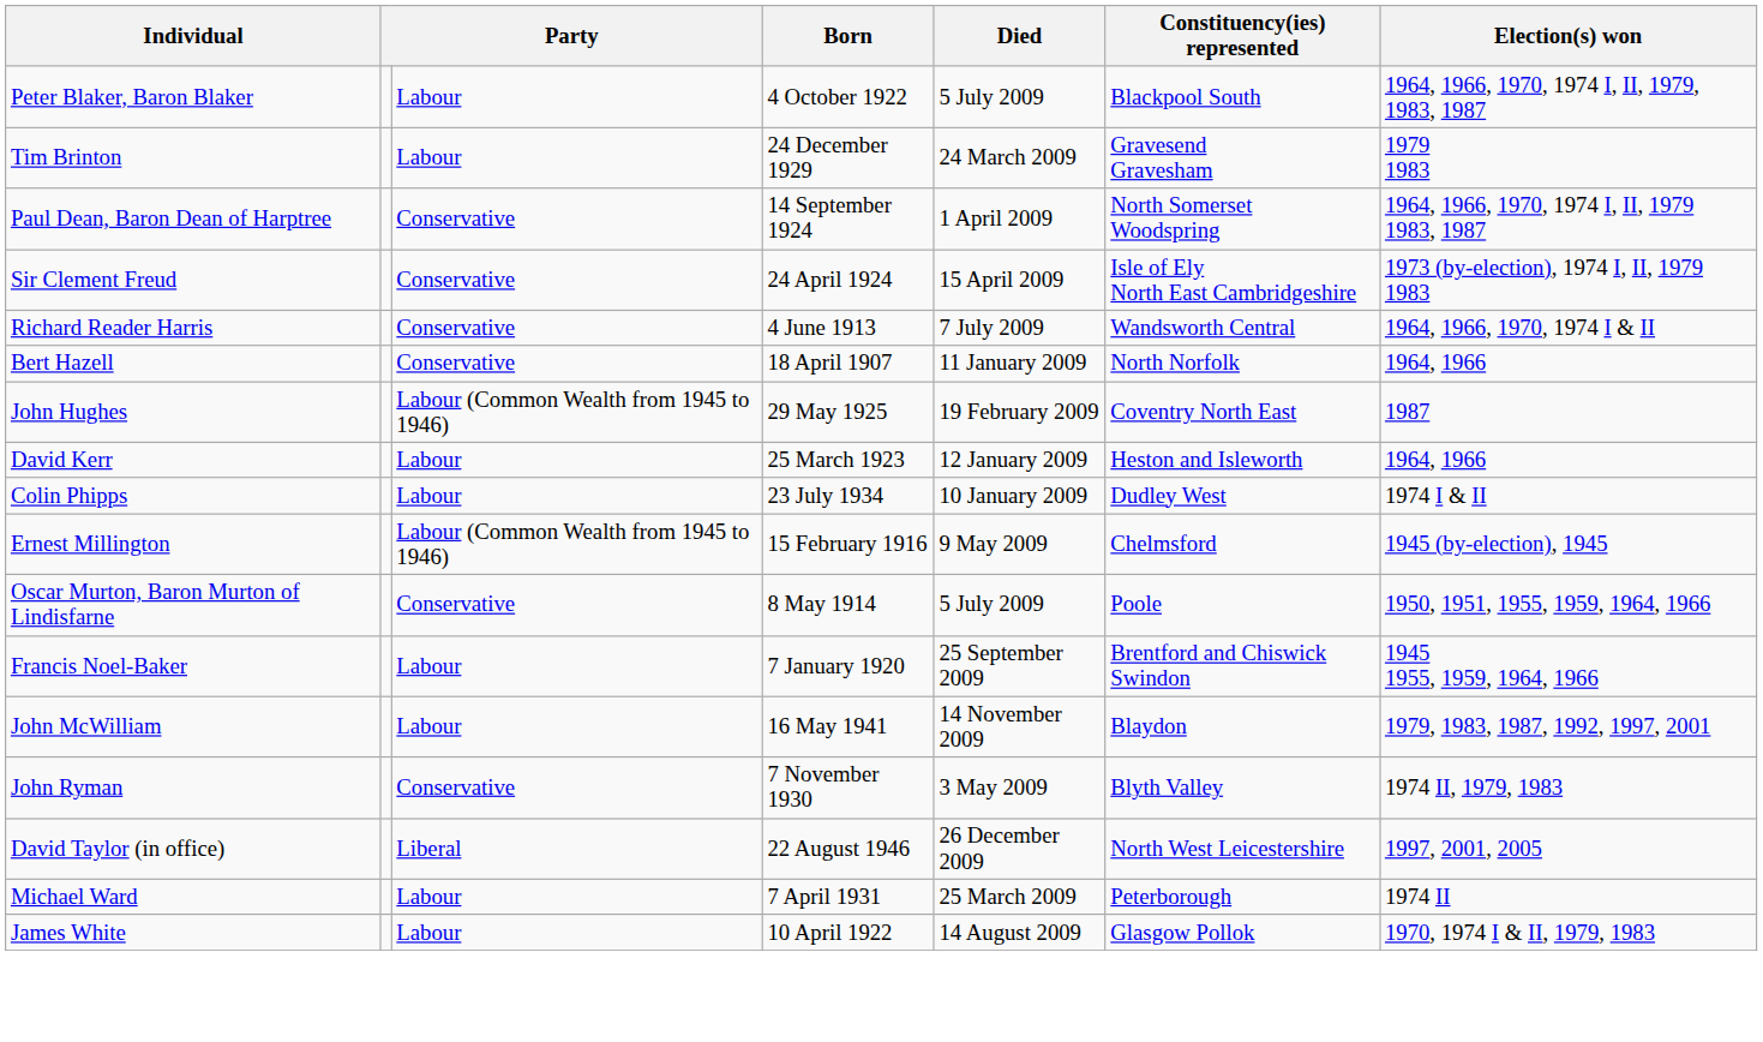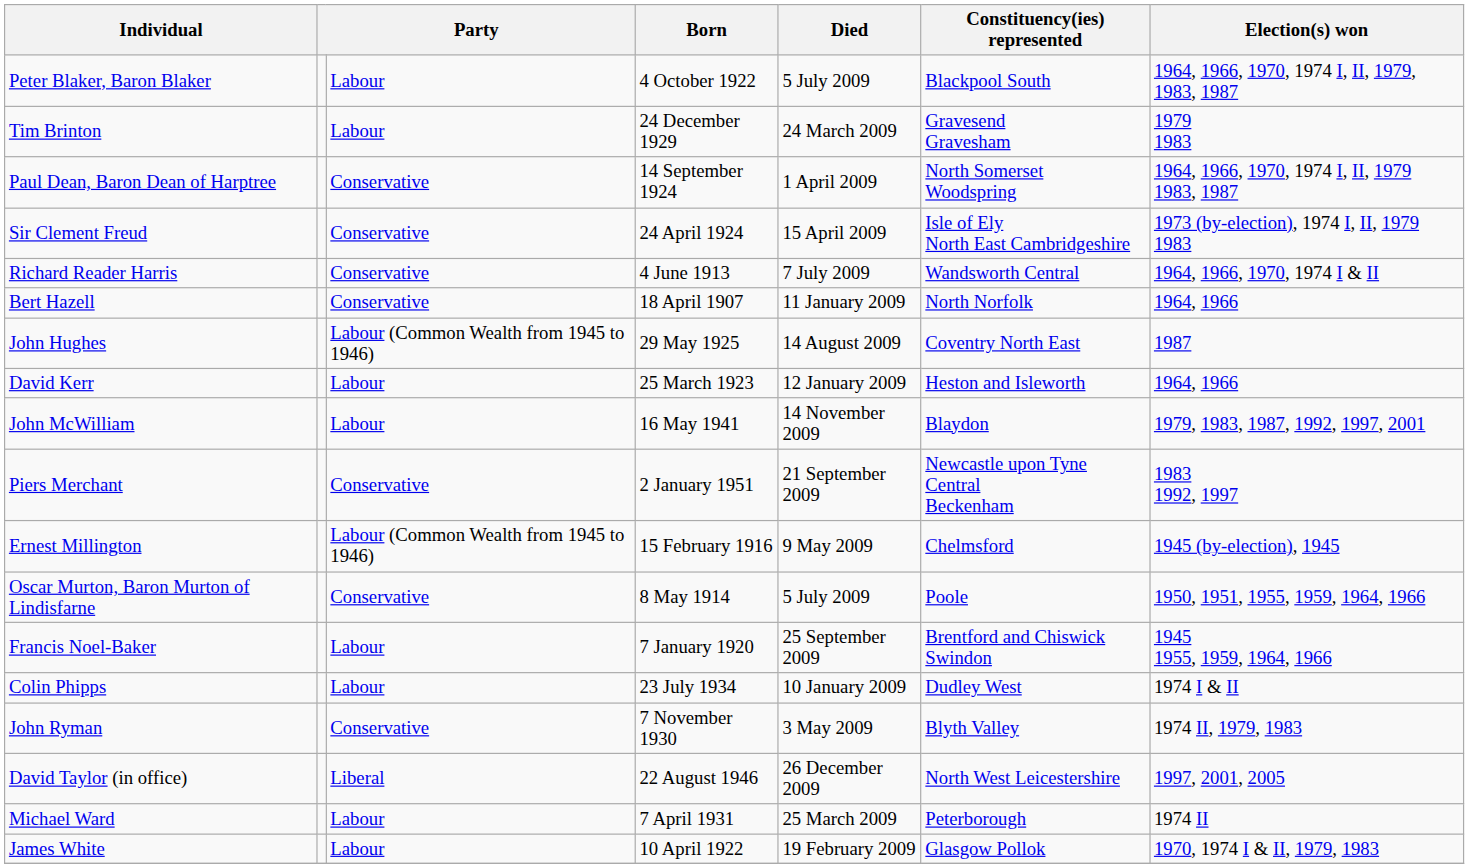 <table class="wikitable sortable">
 <tr>
 <th width="260px">Individual</th>
 <th colspan="2">Party</th>
 <th>Born</th>
 <th>Died</th>
 <th>Constituency(ies) represented</th>
 <th>Election(s) won</th>
 </tr>
 <tr>
 <td><a href='#'>Peter Blaker, Baron Blaker</a></td>
 <td style="background-color: "></td>
 <td><a href='#'>Labour</a></td>
 <td>4 October 1922</td>
 <td>5 July 2009</td>
 <td><a href='#'>Blackpool South</a></td>
 <td><a href='#'>1964</a>, <a href='#'>1966</a>, <a href='#'>1970</a>, 1974 <a href='#'>I</a>, <a href='#'>II</a>, <a href='#'>1979</a>, <a href='#'>1983</a>, <a href='#'>1987</a></td>
 </tr>
 <tr>
 <td><a href='#'>Tim Brinton</a></td>
 <td style="background-color: "></td>
 <td><a href='#'>Labour</a></td>
 <td>24 December 1929</td>
 <td>24 March 2009</td>
 <td><a href='#'>Gravesend</a><br><a href='#'>Gravesham</a></td>
 <td><a href='#'>1979</a><br><a href='#'>1983</a></td>
 </tr>
 <tr>
 <td><a href='#'>Paul Dean, Baron Dean of Harptree</a></td>
 <td style="background-color: "></td>
 <td><a href='#'>Conservative</a></td>
 <td>14 September 1924</td>
 <td>1 April 2009</td>
 <td><a href='#'>North Somerset</a><br><a href='#'>Woodspring</a></td>
 <td><a href='#'>1964</a>, <a href='#'>1966</a>, <a href='#'>1970</a>, 1974 <a href='#'>I</a>, <a href='#'>II</a>, <a href='#'>1979</a><br><a href='#'>1983</a>, <a href='#'>1987</a></td>
 </tr>
 <tr>
 <td><a href='#'>Sir Clement Freud</a></td>
 <td style="background-color: "></td>
 <td><a href='#'>Conservative</a></td>
 <td>24 April 1924</td>
 <td>15 April 2009</td>
 <td><a href='#'>Isle of Ely</a><br><a href='#'>North East Cambridgeshire</a></td>
 <td><a href='#'>1973 (by-election)</a>, 1974 <a href='#'>I</a>, <a href='#'>II</a>, <a href='#'>1979</a><br><a href='#'>1983</a></td>
 </tr>
 <tr>
 <td><a href='#'>Richard Reader Harris</a></td>
 <td style="background-color: "></td>
 <td><a href='#'>Conservative</a></td>
 <td>4 June 1913</td>
 <td>7 July 2009</td>
 <td><a href='#'>Wandsworth Central</a></td>
 <td><a href='#'>1964</a>, <a href='#'>1966</a>, <a href='#'>1970</a>, 1974 <a href='#'>I</a> & <a href='#'>II</a></td>
 </tr>
 <tr>
 <td><a href='#'>Bert Hazell</a></td>
 <td style="background-color: "></td>
 <td><a href='#'>Conservative</a></td>
 <td>18 April 1907</td>
 <td>11 January 2009</td>
 <td><a href='#'>North Norfolk</a></td>
 <td><a href='#'>1964</a>, <a href='#'>1966</a></td>
 </tr>
 <tr>
 <td><a href='#'>John Hughes</a></td>
 <td style="background-color: "></td>
 <td><a href='#'>Labour</a> (Common Wealth from 1945 to 1946)</td>
 <td>29 May 1925</td>
-<td>19 February 2009</td>
+<td>14 August 2009</td>
 <td><a href='#'>Coventry North East</a></td>
 <td><a href='#'>1987</a></td>
 </tr>
 <tr>
 <td><a href='#'>David Kerr</a></td>
 <td style="background-color: "></td>
 <td><a href='#'>Labour</a></td>
 <td>25 March 1923</td>
 <td>12 January 2009</td>
 <td><a href='#'>Heston and Isleworth</a></td>
 <td><a href='#'>1964</a>, <a href='#'>1966</a></td>
 </tr>
 <tr>
-<td><a href='#'>Colin Phipps</a></td>
+<td><a href='#'>John McWilliam</a></td>
 <td style="background-color: "></td>
 <td><a href='#'>Labour</a></td>
-<td>23 July 1934</td>
-<td>10 January 2009</td>
-<td><a href='#'>Dudley West</a></td>
-<td>1974 <a href='#'>I</a> & <a href='#'>II</a></td>
+<td>16 May 1941</td>
+<td>14 November 2009</td>
+<td><a href='#'>Blaydon</a></td>
+<td><a href='#'>1979</a>, <a href='#'>1983</a>, <a href='#'>1987</a>, <a href='#'>1992</a>, <a href='#'>1997</a>, <a href='#'>2001</a></td>
+</tr>
+<tr>
+<td><a href='#'>Piers Merchant</a></td>
+<td style="background-color: "></td>
+<td><a href='#'>Conservative</a></td>
+<td>2 January 1951</td>
+<td>21 September 2009</td>
+<td><a href='#'>Newcastle upon Tyne Central</a><br><a href='#'>Beckenham</a></td>
+<td><a href='#'>1983</a><br><a href='#'>1992</a>, <a href='#'>1997</a></td>
 </tr>
 <tr>
 <td><a href='#'>Ernest Millington</a></td>
 <td style="background-color: "></td>
 <td><a href='#'>Labour</a> (Common Wealth from 1945 to 1946)</td>
 <td>15 February 1916</td>
 <td>9 May 2009</td>
 <td><a href='#'>Chelmsford</a></td>
 <td><a href='#'>1945 (by-election)</a>, <a href='#'>1945</a></td>
 </tr>
 <tr>
 <td><a href='#'>Oscar Murton, Baron Murton of Lindisfarne</a></td>
 <td style="background-color: "></td>
 <td><a href='#'>Conservative</a></td>
 <td>8 May 1914</td>
 <td>5 July 2009</td>
 <td><a href='#'>Poole</a></td>
 <td><a href='#'>1950</a>, <a href='#'>1951</a>, <a href='#'>1955</a>, <a href='#'>1959</a>, <a href='#'>1964</a>, <a href='#'>1966</a></td>
 </tr>
 <tr>
 <td><a href='#'>Francis Noel-Baker</a></td>
 <td style="background-color: "></td>
 <td><a href='#'>Labour</a></td>
 <td>7 January 1920</td>
 <td>25 September 2009</td>
 <td><a href='#'>Brentford and Chiswick</a><br><a href='#'>Swindon</a></td>
 <td><a href='#'>1945</a><br><a href='#'>1955</a>, <a href='#'>1959</a>, <a href='#'>1964</a>, <a href='#'>1966</a></td>
 </tr>
 <tr>
-<td><a href='#'>John McWilliam</a></td>
+<td><a href='#'>Colin Phipps</a></td>
 <td style="background-color: "></td>
 <td><a href='#'>Labour</a></td>
-<td>16 May 1941</td>
-<td>14 November 2009</td>
-<td><a href='#'>Blaydon</a></td>
-<td><a href='#'>1979</a>, <a href='#'>1983</a>, <a href='#'>1987</a>, <a href='#'>1992</a>, <a href='#'>1997</a>, <a href='#'>2001</a></td>
+<td>23 July 1934</td>
+<td>10 January 2009</td>
+<td><a href='#'>Dudley West</a></td>
+<td>1974 <a href='#'>I</a> & <a href='#'>II</a></td>
 </tr>
 <tr>
 <td><a href='#'>John Ryman</a></td>
 <td style="background-color: "></td>
 <td><a href='#'>Conservative</a></td>
 <td>7 November 1930</td>
 <td>3 May 2009</td>
 <td><a href='#'>Blyth Valley</a></td>
 <td>1974 <a href='#'>II</a>, <a href='#'>1979</a>, <a href='#'>1983</a></td>
 </tr>
 <tr>
 <td><a href='#'>David Taylor</a> (in office)</td>
 <td style="background-color: "></td>
 <td><a href='#'>Liberal</a></td>
 <td>22 August 1946</td>
 <td>26 December 2009</td>
 <td><a href='#'>North West Leicestershire</a></td>
 <td><a href='#'>1997</a>, <a href='#'>2001</a>, <a href='#'>2005</a></td>
 </tr>
 <tr>
 <td><a href='#'>Michael Ward</a></td>
 <td style="background-color: "></td>
 <td><a href='#'>Labour</a></td>
 <td>7 April 1931</td>
 <td>25 March 2009</td>
 <td><a href='#'>Peterborough</a></td>
 <td>1974 <a href='#'>II</a></td>
 </tr>
 <tr>
 <td><a href='#'>James White</a></td>
 <td style="background-color: "></td>
 <td><a href='#'>Labour</a></td>
 <td>10 April 1922</td>
-<td>14 August 2009</td>
+<td>19 February 2009</td>
 <td><a href='#'>Glasgow Pollok</a></td>
 <td><a href='#'>1970</a>, 1974 <a href='#'>I</a> & <a href='#'>II</a>, <a href='#'>1979</a>, <a href='#'>1983</a></td>
 </tr>
 <tr>
 </tr>
 </table>
